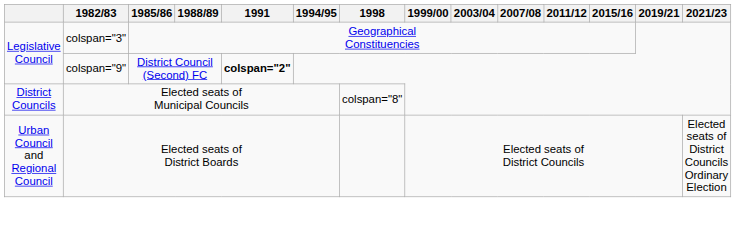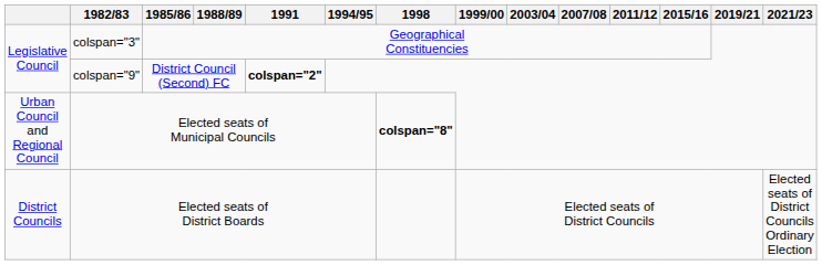 <table class="wikitable" style="text-align: center;">
 <tr>
 <th style=width:10em></th>
 <th style=width:5em>1982/83</th>
 <th style=width:5em>1985/86</th>
 <th style=width:5em>1988/89</th>
 <th style=width:5em>1991</th>
 <th style=width:5em>1994/95</th>
 <th style=width:5em>1998</th>
 <th style=width:5em>1999/00</th>
 <th style=width:5em>2003/04</th>
 <th style=width:5em>2007/08</th>
 <th style=width:5em>2011/12</th>
 <th style=width:5em>2015/16</th>
 <th style=width:5em>2019/21</th>
 <th style=width:5em>2021/23</th>
 </tr>
 <tr>
 <td rowspan="2"><a href='#'>Legislative Council</a></td>
 <td>colspan="3" </td>
 <td colspan="10"><a href='#'>Geographical<br> Constituencies</a></td>
 </tr>
 <tr>
 <td>colspan="9" </td>
 <td colspan="2"><a href='#'>District Council<br>(Second) FC</a></td>
 <td><strong>colspan="2" </strong></td>
 </tr>
 <tr>
-<td><a href='#'>District Councils</a></td>
+<td><a href='#'>Urban Council</a> and<br><a href='#'>Regional Council</a></td>
 <td colspan="5">Elected seats of<br> Municipal Councils</td>
-<td>colspan="8" </td>
+<td><strong>colspan="8" </strong></td>
 </tr>
 <tr>
-<td><a href='#'>Urban Council</a> and<br><a href='#'>Regional Council</a></td>
+<td><a href='#'>District Councils</a></td>
 <td colspan="5">Elected seats of<br> District Boards</td>
 <td></td>
 <td colspan="6">Elected seats of<br> District Councils</td>
 <td>Elected seats of<br> District Councils Ordinary Election</td>
 </tr>
 </table>
